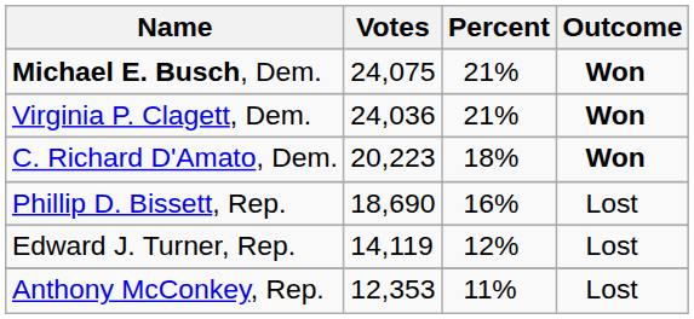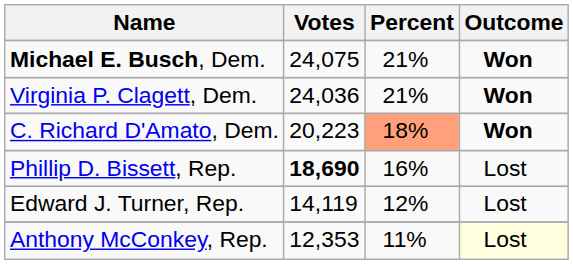 <table class="wikitable">
 <tr>
 <th>Name</th>
 <th>Votes</th>
 <th>Percent</th>
 <th>Outcome</th>
 </tr>
 <tr>
 </tr>
 <tr>
 <td><strong>Michael E. Busch</strong>, Dem.</td>
 <td>24,075</td>
 <td>  21%</td>
 <td>   <strong>Won</strong></td>
 </tr>
 <tr>
 </tr>
 <tr>
 <td><a href='#'>Virginia P. Clagett</a>, Dem.</td>
 <td>24,036</td>
 <td>  21%</td>
 <td>   <strong>Won</strong></td>
 </tr>
 <tr>
 </tr>
 <tr>
 <td><a href='#'>C. Richard D'Amato</a>, Dem.</td>
 <td>20,223</td>
-<td>  18%</td>
+<td style="background: lightsalmon;">  18%</td>
 <td>   <strong>Won</strong></td>
 </tr>
 <tr>
 </tr>
 <tr>
 <td><a href='#'>Phillip D. Bissett</a>, Rep.</td>
-<td>18,690</td>
+<td><strong>18,690</strong></td>
 <td>  16%</td>
 <td>   Lost</td>
 </tr>
 <tr>
 </tr>
 <tr>
 <td>Edward J. Turner, Rep.</td>
 <td>14,119</td>
 <td>  12%</td>
 <td>   Lost</td>
 </tr>
 <tr>
 </tr>
 <tr>
 <td><a href='#'>Anthony McConkey</a>, Rep.</td>
 <td>12,353</td>
 <td>  11%</td>
-<td>   Lost</td>
+<td style="background: lightyellow;">   Lost</td>
 </tr>
 </table>
